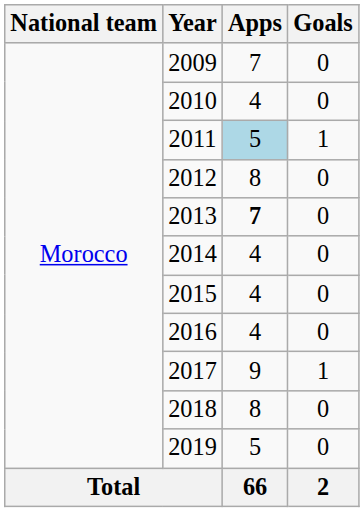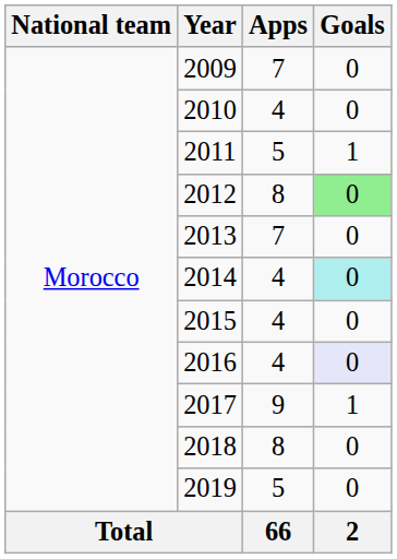 <table class="wikitable" style="text-align:center">
 <tr>
 <th>National team</th>
 <th>Year</th>
 <th>Apps</th>
 <th>Goals</th>
 </tr>
 <tr>
 <td rowspan="11"><a href='#'>Morocco</a></td>
 <td>2009</td>
 <td>7</td>
 <td>0</td>
 </tr>
 <tr>
 <td>2010</td>
 <td>4</td>
 <td>0</td>
 </tr>
 <tr>
 <td>2011</td>
-<td style="background: lightblue;">5</td>
+<td>5</td>
 <td>1</td>
 </tr>
 <tr>
 <td>2012</td>
 <td>8</td>
-<td>0</td>
+<td style="background: lightgreen;">0</td>
 </tr>
 <tr>
 <td>2013</td>
-<td><strong>7</strong></td>
+<td>7</td>
 <td>0</td>
 </tr>
 <tr>
 <td>2014</td>
 <td>4</td>
-<td>0</td>
+<td style="background: paleturquoise;">0</td>
 </tr>
 <tr>
 <td>2015</td>
 <td>4</td>
 <td>0</td>
 </tr>
 <tr>
 <td>2016</td>
 <td>4</td>
-<td>0</td>
+<td style="background: lavender;">0</td>
 </tr>
 <tr>
 <td>2017</td>
 <td>9</td>
 <td>1</td>
 </tr>
 <tr>
 <td>2018</td>
 <td>8</td>
 <td>0</td>
 </tr>
 <tr>
 <td>2019</td>
 <td>5</td>
 <td>0</td>
 </tr>
 <tr>
 <th colspan="2">Total</th>
 <th>66</th>
 <th>2</th>
 </tr>
 </table>
